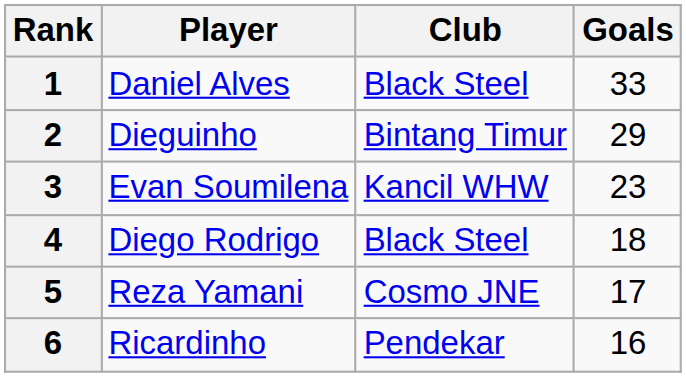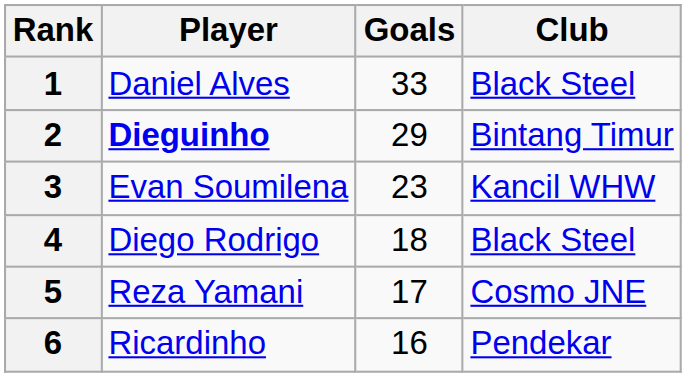 <table class="wikitable sortable" style="text-align:center">
 <tr>
 <th>Rank</th>
 <th>Player</th>
+<th>Goals</th>
 <th>Club</th>
-<th>Goals</th>
 </tr>
 <tr>
 <th>1</th>
 <td align="left"> <a href='#'>Daniel Alves</a></td>
+<td>33</td>
 <td align="left"><a href='#'>Black Steel</a></td>
-<td>33</td>
 </tr>
 <tr>
 <th>2</th>
-<td align="left"> <a href='#'>Dieguinho</a></td>
+<td align="left"><strong> <a href='#'>Dieguinho</a></strong></td>
+<td>29</td>
 <td align="left"><a href='#'>Bintang Timur</a></td>
-<td>29</td>
 </tr>
 <tr>
 <th>3</th>
 <td align="left"> <a href='#'>Evan Soumilena</a></td>
+<td>23</td>
 <td align="left"><a href='#'>Kancil WHW</a></td>
-<td>23</td>
 </tr>
 <tr>
 <th>4</th>
 <td align="left"> <a href='#'>Diego Rodrigo</a></td>
+<td>18</td>
 <td align="left"><a href='#'>Black Steel</a></td>
-<td>18</td>
 </tr>
 <tr>
 <th>5</th>
 <td align="left"> <a href='#'>Reza Yamani</a></td>
+<td>17</td>
 <td align="left"><a href='#'>Cosmo JNE</a></td>
-<td>17</td>
 </tr>
 <tr>
 <th>6</th>
 <td align="left"> <a href='#'>Ricardinho</a></td>
+<td>16</td>
 <td align="left"><a href='#'>Pendekar</a></td>
-<td>16</td>
 </tr>
 </table>
